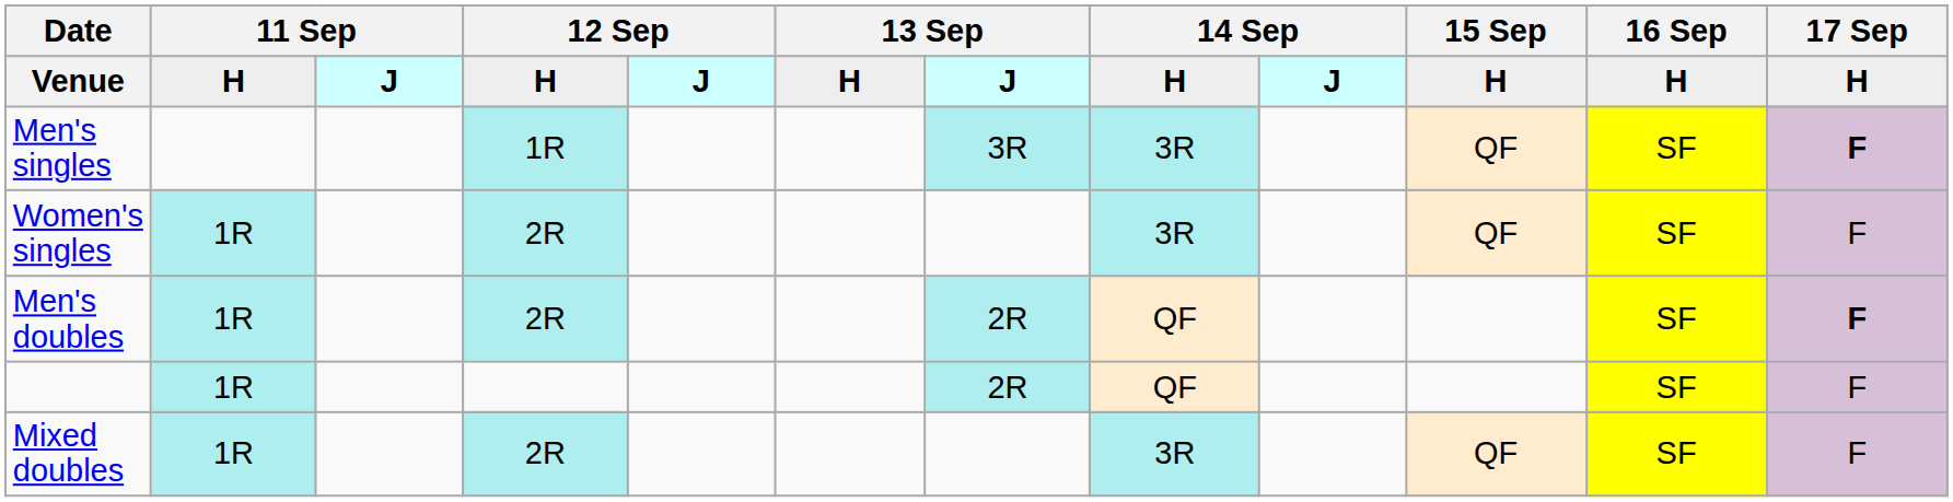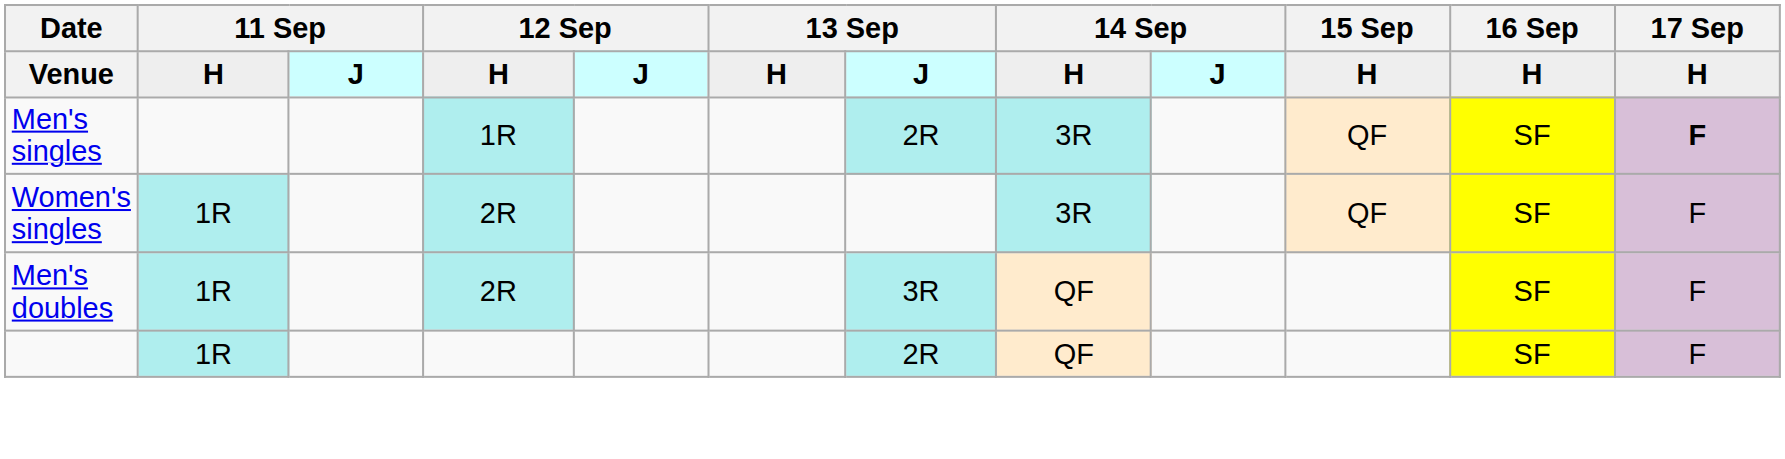 <table class="wikitable" style="margin:0.5em auto; font-size:90%; text-align:center; nowrap:yes">
 <tr>
 <th>Date</th>
 <th colspan="2">11 Sep</th>
 <th colspan="2">12 Sep</th>
 <th colspan="2">13 Sep</th>
 <th colspan="2">14 Sep</th>
 <th>15 Sep</th>
 <th>16 Sep</th>
 <th>17 Sep</th>
 </tr>
 <tr>
 <th>Venue</th>
 <th style="background-color:#EEEEEE; width:25em">H</th>
 <th style="background-color:#CCFFFF; width:25em">J</th>
 <th style="background-color:#EEEEEE; width:25em">H</th>
 <th style="background-color:#CCFFFF; width:25em">J</th>
 <th style="background-color:#EEEEEE; width:25em">H</th>
 <th style="background-color:#CCFFFF; width:25em">J</th>
 <th style="background-color:#EEEEEE; width:25em">H</th>
 <th style="background-color:#CCFFFF; width:25em">J</th>
 <th style="background-color:#EEEEEE; width:25em">H</th>
 <th style="background-color:#EEEEEE; width:25em">H</th>
 <th style="background-color:#EEEEEE; width:25em">H</th>
 </tr>
 <tr>
 <td align="left"><a href='#'>Men's singles</a></td>
 <td></td>
 <td></td>
 <td bgcolor="#AFEEEE">1R</td>
 <td></td>
 <td></td>
-<td bgcolor="#AFEEEE">3R</td>
+<td bgcolor="#AFEEEE">2R</td>
 <td bgcolor="#AFEEEE">3R</td>
 <td></td>
 <td bgcolor="#FFEBCD">QF</td>
 <td bgcolor="#FFFF00">SF</td>
 <td bgcolor="#D8BFD8"><strong>F</strong></td>
 </tr>
 <tr>
 <td align="left"><a href='#'>Women's singles</a></td>
 <td bgcolor="#AFEEEE">1R</td>
 <td></td>
 <td bgcolor="#AFEEEE">2R</td>
 <td></td>
 <td></td>
 <td></td>
 <td bgcolor="#AFEEEE">3R</td>
 <td></td>
 <td bgcolor="#FFEBCD">QF</td>
 <td bgcolor="#FFFF00">SF</td>
 <td bgcolor="#D8BFD8">F</td>
 </tr>
 <tr>
 <td align="left"><a href='#'>Men's doubles</a></td>
 <td bgcolor="#AFEEEE">1R</td>
 <td></td>
 <td bgcolor="#AFEEEE">2R</td>
 <td></td>
 <td></td>
-<td bgcolor="#AFEEEE">2R</td>
+<td bgcolor="#AFEEEE">3R</td>
 <td bgcolor="#FFEBCD">QF</td>
 <td></td>
 <td></td>
 <td bgcolor="#FFFF00">SF</td>
-<td bgcolor="#D8BFD8"><strong>F</strong></td>
+<td bgcolor="#D8BFD8">F</td>
 </tr>
 <tr>
 <td align="left"></td>
 <td bgcolor="#AFEEEE">1R</td>
 <td></td>
 <td></td>
 <td></td>
 <td></td>
 <td bgcolor="#AFEEEE">2R</td>
 <td bgcolor="#FFEBCD">QF</td>
 <td></td>
 <td></td>
 <td bgcolor="#FFFF00">SF</td>
 <td bgcolor="#D8BFD8">F</td>
 </tr>
-<tr>
-<td align="left"><a href='#'>Mixed doubles</a></td>
-<td bgcolor="#AFEEEE">1R</td>
-<td></td>
-<td bgcolor="#AFEEEE">2R</td>
-<td></td>
-<td></td>
-<td></td>
-<td bgcolor="#AFEEEE">3R</td>
-<td></td>
-<td bgcolor="#FFEBCD">QF</td>
-<td bgcolor="#FFFF00">SF</td>
-<td bgcolor="#D8BFD8">F</td>
-</tr>
 </table>
